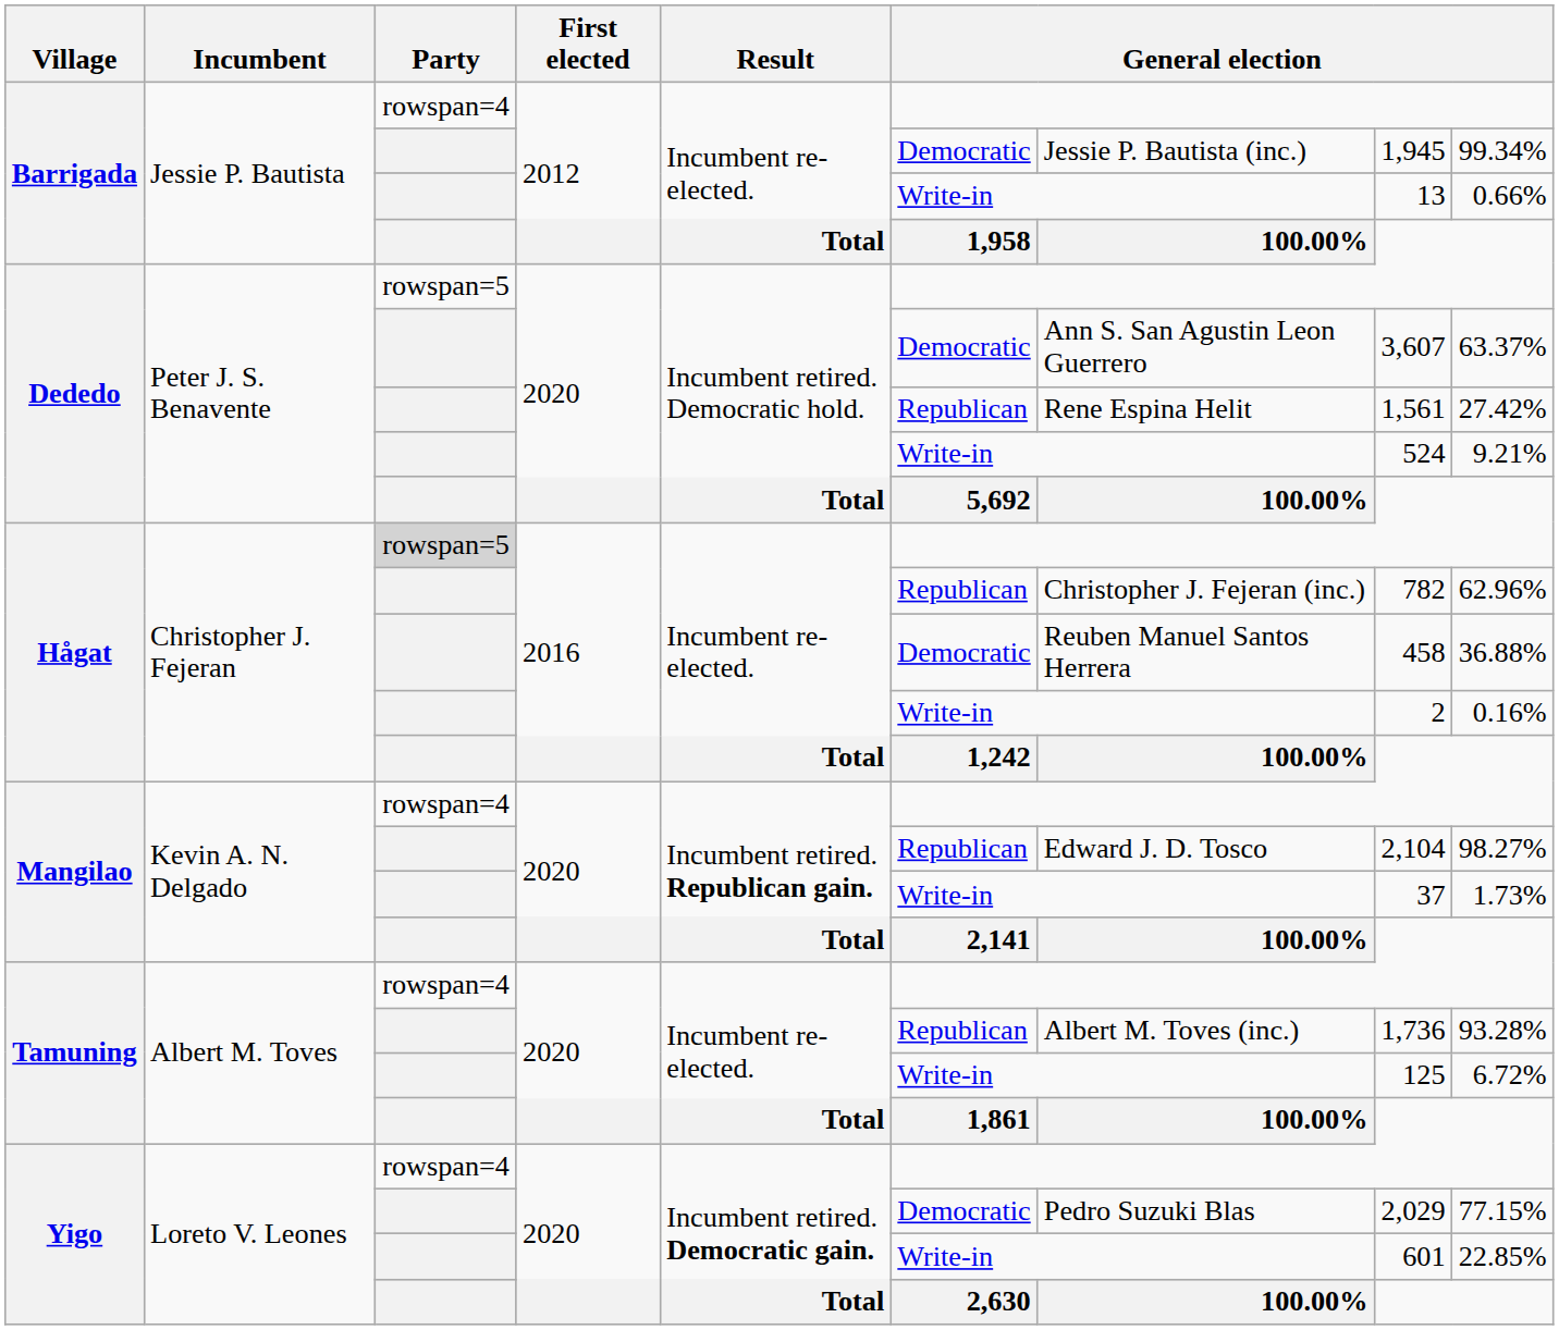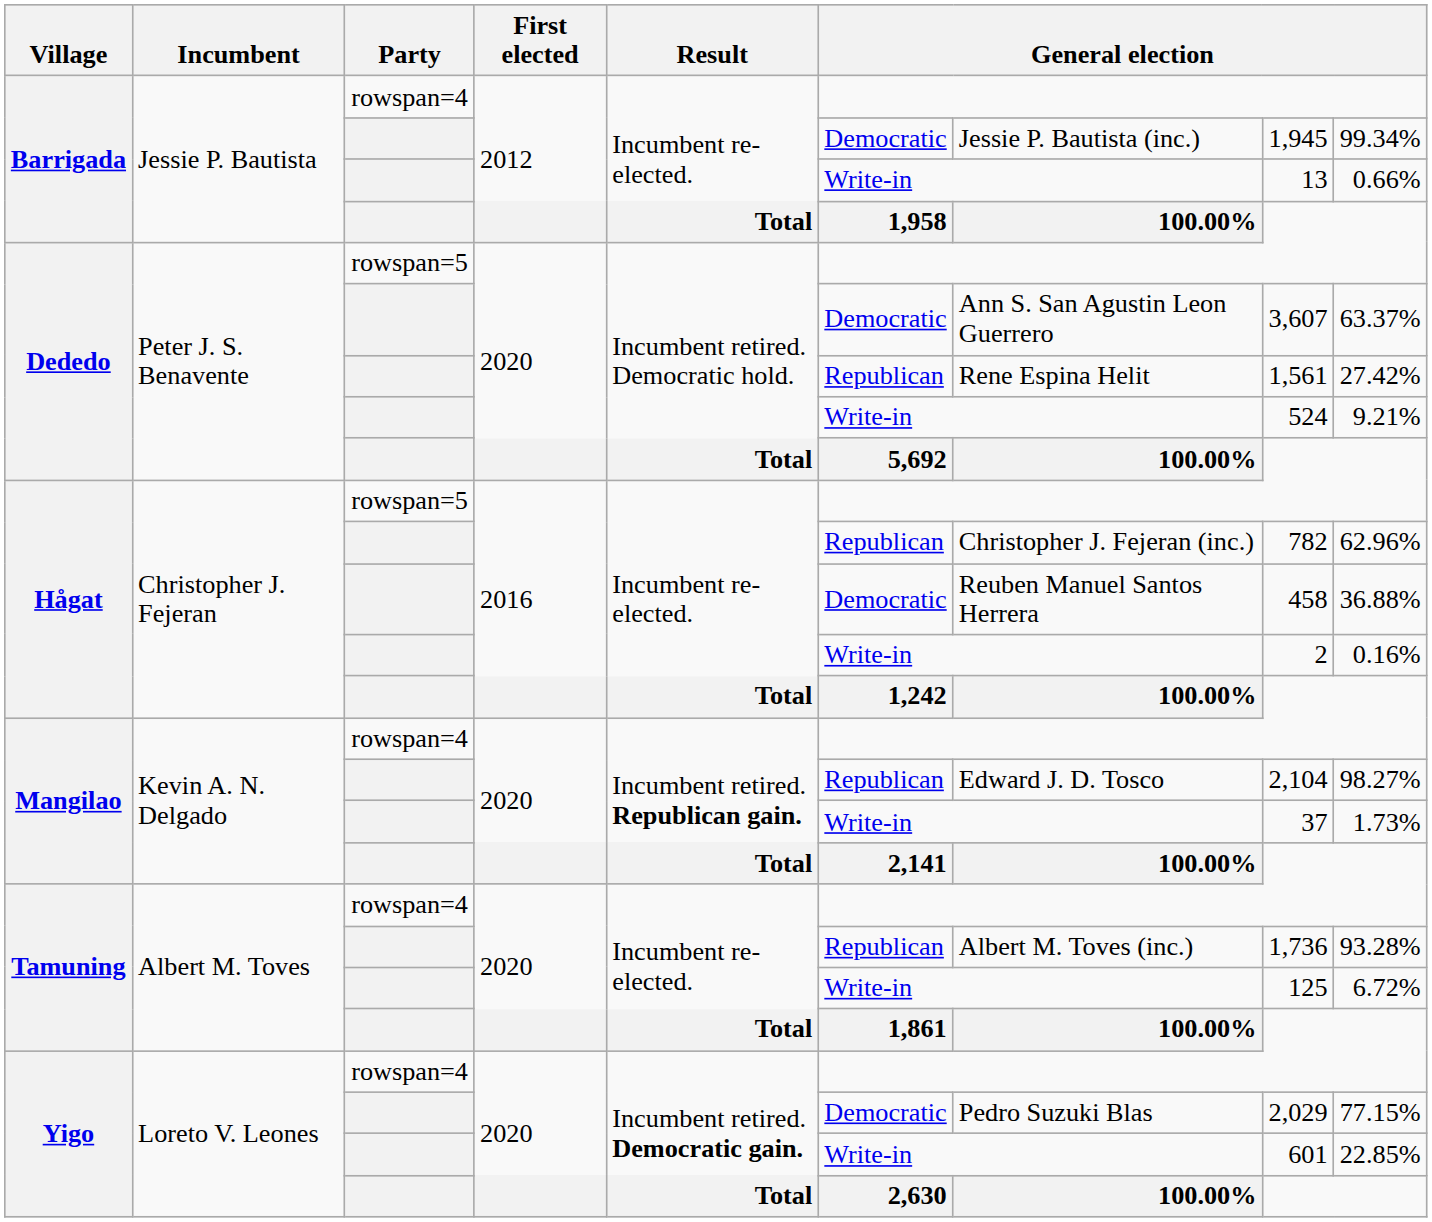 <table class="wikitable">
 <tr valign=bottom>
 <th>Village</th>
 <th>Incumbent</th>
 <th>Party</th>
 <th>First elected</th>
 <th>Result</th>
 <th colspan=5>General election</th>
 </tr>
 <tr>
 <th rowspan=4><a href='#'>Barrigada</a></th>
 <td rowspan=4>Jessie P. Bautista</td>
 <td>rowspan=4 </td>
 <td rowspan=4>2012</td>
 <td rowspan=4>Incumbent re-elected.</td>
 </tr>
 <tr>
 <th style="background-color:"></th>
 <td style="text-align:left;"><a href='#'>Democratic</a></td>
 <td style="text-align:left;">Jessie P. Bautista (inc.)</td>
 <td style="text-align:right;">1,945</td>
 <td style="text-align:right;">99.34%</td>
 </tr>
 <tr>
 <th style="background-color:"></th>
 <td colspan=2 style="text-align:left;"><a href='#'>Write-in</a></td>
 <td style="text-align:right;">13</td>
 <td style="text-align:right;">0.66%</td>
 </tr>
 <tr>
 <th colspan=3 style="text-align:right;">Total</th>
 <th style="text-align:right;">1,958</th>
 <th style="text-align:right;">100.00%</th>
 </tr>
 <tr>
 <th rowspan=5><a href='#'>Dededo</a></th>
 <td rowspan=5>Peter J. S. Benavente</td>
 <td>rowspan=5 </td>
 <td rowspan=5>2020</td>
 <td rowspan=5 >Incumbent retired.<br>Democratic hold.</td>
 </tr>
 <tr>
 <th style="background-color:"></th>
 <td style="text-align:left;"><a href='#'>Democratic</a></td>
 <td style="text-align:left;">Ann S. San Agustin Leon Guerrero</td>
 <td style="text-align:right;">3,607</td>
 <td style="text-align:right;">63.37%</td>
 </tr>
 <tr>
 <th style="background-color:"></th>
 <td style="text-align:left;"><a href='#'>Republican</a></td>
 <td style="text-align:left;">Rene Espina Helit</td>
 <td style="text-align:right;">1,561</td>
 <td style="text-align:right;">27.42%</td>
 </tr>
 <tr>
 <th style="background-color:"></th>
 <td colspan=2 style="text-align:left;"><a href='#'>Write-in</a></td>
 <td style="text-align:right;">524</td>
 <td style="text-align:right;">9.21%</td>
 </tr>
 <tr>
 <th colspan=3 style="text-align:right;">Total</th>
 <th style="text-align:right;">5,692</th>
 <th style="text-align:right;">100.00%</th>
 </tr>
 <tr>
 <th rowspan=5><a href='#'>Hågat</a></th>
 <td rowspan=5>Christopher J. Fejeran</td>
-<td style="background: lightgrey;">rowspan=5 </td>
+<td>rowspan=5 </td>
 <td rowspan=5>2016</td>
 <td rowspan=5>Incumbent re-elected.</td>
 </tr>
 <tr>
 <th style="background-color:"></th>
 <td style="text-align:left;"><a href='#'>Republican</a></td>
 <td style="text-align:left;">Christopher J. Fejeran (inc.)</td>
 <td style="text-align:right;">782</td>
 <td style="text-align:right;">62.96%</td>
 </tr>
 <tr>
 <th style="background-color:"></th>
 <td style="text-align:left;"><a href='#'>Democratic</a></td>
 <td style="text-align:left;">Reuben Manuel Santos Herrera</td>
 <td style="text-align:right;">458</td>
 <td style="text-align:right;">36.88%</td>
 </tr>
 <tr>
 <th style="background-color:"></th>
 <td colspan=2 style="text-align:left;"><a href='#'>Write-in</a></td>
 <td style="text-align:right;">2</td>
 <td style="text-align:right;">0.16%</td>
 </tr>
 <tr>
 <th colspan=3 style="text-align:right;">Total</th>
 <th style="text-align:right;">1,242</th>
 <th style="text-align:right;">100.00%</th>
 </tr>
 <tr>
 <th rowspan=4><a href='#'>Mangilao</a></th>
 <td rowspan=4>Kevin A. N. Delgado</td>
 <td>rowspan=4 </td>
 <td rowspan=4>2020</td>
 <td rowspan=4 >Incumbent retired.<br><strong>Republican gain.</strong></td>
 </tr>
 <tr>
 <th style="background-color:"></th>
 <td style="text-align:left;"><a href='#'>Republican</a></td>
 <td style="text-align:left;">Edward J. D. Tosco</td>
 <td style="text-align:right;">2,104</td>
 <td style="text-align:right;">98.27%</td>
 </tr>
 <tr>
 <th style="background-color:"></th>
 <td colspan=2 style="text-align:left;"><a href='#'>Write-in</a></td>
 <td style="text-align:right;">37</td>
 <td style="text-align:right;">1.73%</td>
 </tr>
 <tr>
 <th colspan=3 style="text-align:right;">Total</th>
 <th style="text-align:right;">2,141</th>
 <th style="text-align:right;">100.00%</th>
 </tr>
 <tr>
 <th rowspan=4><a href='#'>Tamuning</a></th>
 <td rowspan=4>Albert M. Toves</td>
 <td>rowspan=4 </td>
 <td rowspan=4>2020</td>
 <td rowspan=4>Incumbent re-elected.</td>
 </tr>
 <tr>
 <th style="background-color:"></th>
 <td style="text-align:left;"><a href='#'>Republican</a></td>
 <td style="text-align:left;">Albert M. Toves  (inc.)</td>
 <td style="text-align:right;">1,736</td>
 <td style="text-align:right;">93.28%</td>
 </tr>
 <tr>
 <th style="background-color:"></th>
 <td colspan=2 style="text-align:left;"><a href='#'>Write-in</a></td>
 <td style="text-align:right;">125</td>
 <td style="text-align:right;">6.72%</td>
 </tr>
 <tr>
 <th colspan=3 style="text-align:right;">Total</th>
 <th style="text-align:right;">1,861</th>
 <th style="text-align:right;">100.00%</th>
 </tr>
 <tr>
 <th rowspan=4><a href='#'>Yigo</a></th>
 <td rowspan=4>Loreto V. Leones</td>
 <td>rowspan=4 </td>
 <td rowspan=4>2020</td>
 <td rowspan=4 >Incumbent retired.<br><strong>Democratic gain.</strong></td>
 </tr>
 <tr>
 <th style="background-color:"></th>
 <td style="text-align:left;"><a href='#'>Democratic</a></td>
 <td style="text-align:left;">Pedro Suzuki Blas</td>
 <td style="text-align:right;">2,029</td>
 <td style="text-align:right;">77.15%</td>
 </tr>
 <tr>
 <th style="background-color:"></th>
 <td colspan=2 style="text-align:left;"><a href='#'>Write-in</a></td>
 <td style="text-align:right;">601</td>
 <td style="text-align:right;">22.85%</td>
 </tr>
 <tr>
 <th colspan=3 style="text-align:right;">Total</th>
 <th style="text-align:right;">2,630</th>
 <th style="text-align:right;">100.00%</th>
 </tr>
 </table>
